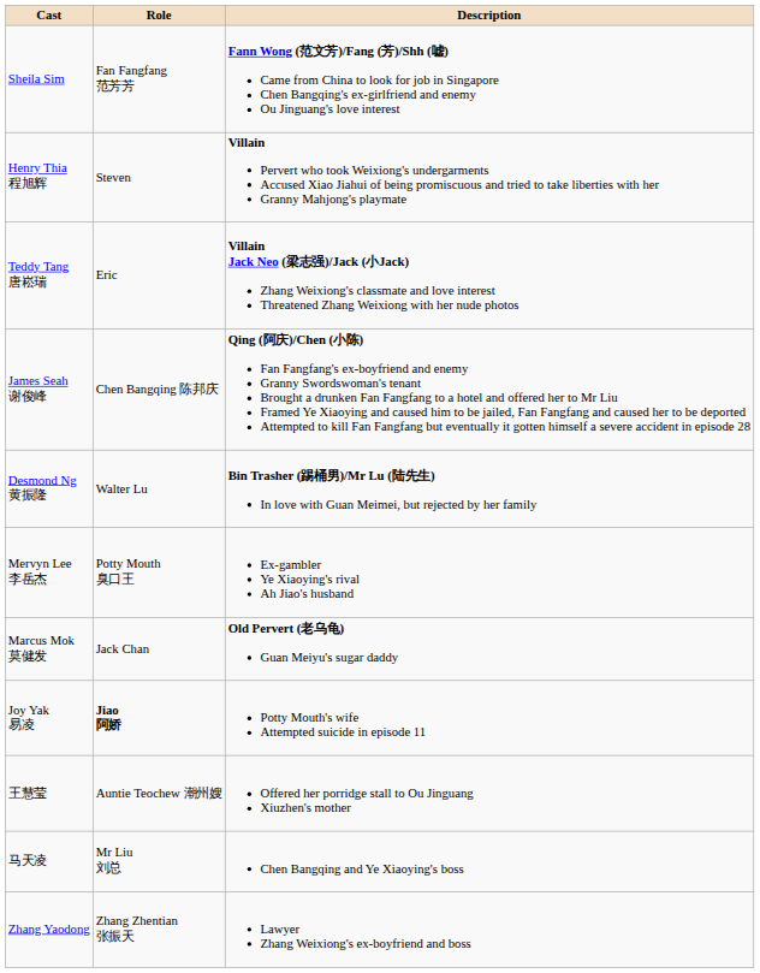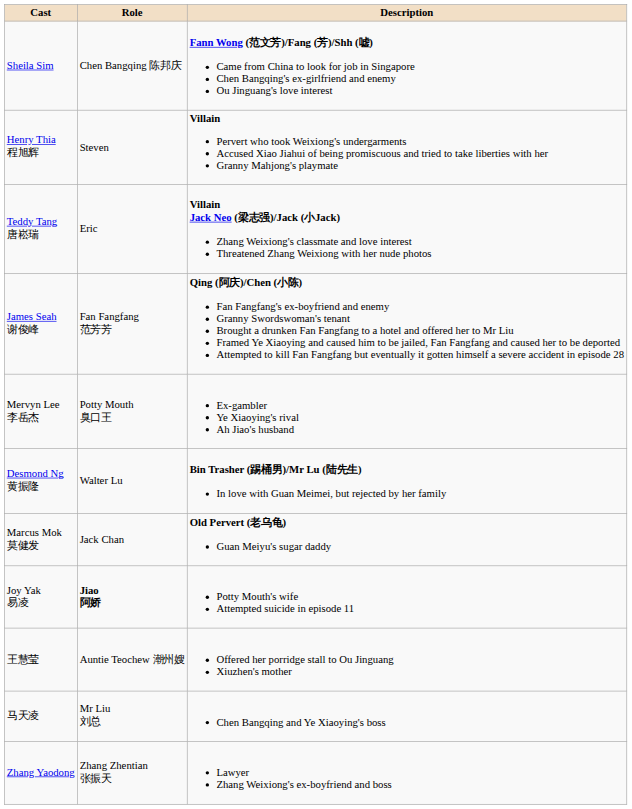 <table class="wikitable">
 <tr>
 <th style="background:#f2dfc6;">Cast</th>
 <th style="background:#f2dfc6;">Role</th>
 <th style="background:#f2dfc6;">Description</th>
 </tr>
 <tr>
 <td><a href='#'>Sheila Sim</a></td>
-<td>Fan Fangfang <br> 范芳芳</td>
+<td>Chen Bangqing 陈邦庆</td>
 <td><br><strong> <a href='#'>Fann Wong</a> (范文芳)/Fang (芳)/Shh (嘘) </strong><ul><li>Came from China to look for job in Singapore</li><li>Chen Bangqing's ex-girlfriend and enemy</li><li>Ou Jinguang's love interest</li></ul></td>
 </tr>
 <tr>
 <td><a href='#'>Henry Thia</a> <br> 程旭辉</td>
 <td>Steven</td>
 <td><strong>Villain</strong><br><ul><li>Pervert who took Weixiong's undergarments</li><li>Accused Xiao Jiahui of being promiscuous and tried to take liberties with her</li><li>Granny Mahjong's playmate</li></ul></td>
 </tr>
 <tr>
 <td><a href='#'>Teddy Tang</a> <br> 唐崧瑞</td>
 <td>Eric</td>
 <td><br><strong> Villain</strong><br><strong><a href='#'>Jack Neo</a> (梁志强)/Jack (小Jack) </strong><ul><li>Zhang Weixiong's classmate and  love interest</li><li>Threatened Zhang Weixiong with her nude photos</li></ul></td>
 </tr>
 <tr>
 <td><a href='#'>James Seah</a> <br> 谢俊峰</td>
-<td>Chen Bangqing 陈邦庆</td>
+<td>Fan Fangfang <br> 范芳芳</td>
 <td><strong>Qing (阿庆)/Chen (小陈)</strong><br><ul><li>Fan Fangfang's ex-boyfriend and enemy</li><li>Granny Swordswoman's tenant</li><li>Brought a drunken Fan Fangfang to a hotel and offered her to Mr Liu</li><li>Framed Ye Xiaoying and caused him to be jailed, Fan Fangfang and caused her to be deported</li><li>Attempted to kill Fan Fangfang but eventually it gotten himself a severe accident in episode 28</li></ul></td>
+</tr>
+<tr>
+<td>Mervyn Lee <br> 李岳杰</td>
+<td>Potty Mouth <br>臭口王</td>
+<td><br><ul><li>Ex-gambler</li><li>Ye Xiaoying's rival</li><li>Ah Jiao's husband</li></ul></td>
 </tr>
 <tr>
 <td><a href='#'>Desmond Ng</a> <br> 黄振隆</td>
 <td>Walter Lu <br></td>
 <td><br><strong> Bin Trasher (踢桶男)/Mr Lu (陆先生)</strong><ul><li>In love with Guan Meimei, but rejected by her family</li></ul></td>
-</tr>
-<tr>
-<td>Mervyn Lee <br> 李岳杰</td>
-<td>Potty Mouth <br>臭口王</td>
-<td><br><ul><li>Ex-gambler</li><li>Ye Xiaoying's rival</li><li>Ah Jiao's husband</li></ul></td>
 </tr>
 <tr>
 <td>Marcus Mok <br> 莫健发</td>
 <td>Jack Chan</td>
 <td><strong> Old Pervert (老乌龟) </strong><br><ul><li>Guan Meiyu's sugar daddy</li></ul></td>
 </tr>
 <tr>
 <td>Joy Yak <br> 易凌</td>
 <td><strong>Jiao <br> 阿娇</strong></td>
 <td><br><ul><li>Potty Mouth's wife</li><li>Attempted suicide in episode 11</li></ul></td>
 </tr>
 <tr>
 <td>王慧莹</td>
 <td>Auntie Teochew 潮州嫂</td>
 <td><br><ul><li>Offered her porridge stall to Ou Jinguang</li><li>Xiuzhen's mother</li></ul></td>
 </tr>
 <tr>
 <td>马天凌</td>
 <td>Mr Liu <br> 刘总</td>
 <td><br><ul><li>Chen Bangqing and Ye Xiaoying's boss</li></ul></td>
 </tr>
 <tr>
 <td><a href='#'>Zhang Yaodong</a></td>
 <td>Zhang Zhentian <br> 张振天</td>
 <td><br><ul><li>Lawyer</li><li>Zhang Weixiong's ex-boyfriend and boss</li></ul></td>
 </tr>
 </table>
